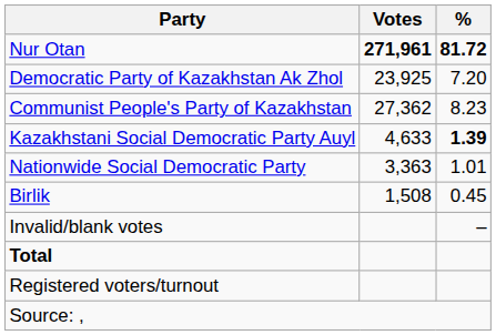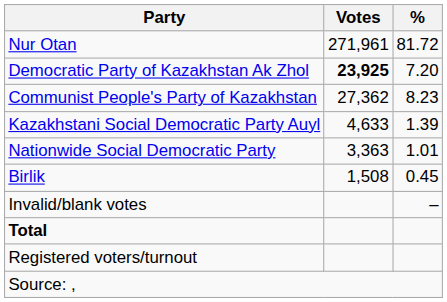 <table class=wikitable style=text-align:right>
 <tr>
 <th>Party</th>
 <th>Votes</th>
 <th>%</th>
 </tr>
 <tr>
 <td align=left><a href='#'>Nur Otan</a></td>
-<td><strong>271,961</strong></td>
-<td><strong>81.72</strong></td>
+<td>271,961</td>
+<td>81.72</td>
 </tr>
 <tr>
 <td align=left><a href='#'>Democratic Party of Kazakhstan Ak Zhol</a></td>
-<td>23,925</td>
+<td><strong>23,925</strong></td>
 <td>7.20</td>
 </tr>
 <tr>
 <td align=left><a href='#'>Communist People's Party of Kazakhstan</a></td>
 <td>27,362</td>
 <td>8.23</td>
 </tr>
 <tr>
 <td align=left><a href='#'>Kazakhstani Social Democratic Party Auyl</a></td>
 <td>4,633</td>
-<td><strong>1.39</strong></td>
+<td>1.39</td>
 </tr>
 <tr>
 <td align=left><a href='#'>Nationwide Social Democratic Party</a></td>
 <td>3,363</td>
 <td>1.01</td>
 </tr>
 <tr>
 <td align=left><a href='#'>Birlik</a></td>
 <td>1,508</td>
 <td>0.45</td>
 </tr>
 <tr>
 <td align=left>Invalid/blank votes</td>
 <td></td>
 <td>–</td>
 </tr>
 <tr>
 <td align=left><strong>Total</strong></td>
 <td></td>
 <td></td>
 </tr>
 <tr>
 <td align=left>Registered voters/turnout</td>
 <td></td>
 <td></td>
 </tr>
 <tr>
 <td style="text-align:left;" colspan="5">Source: , </td>
 </tr>
 </table>
